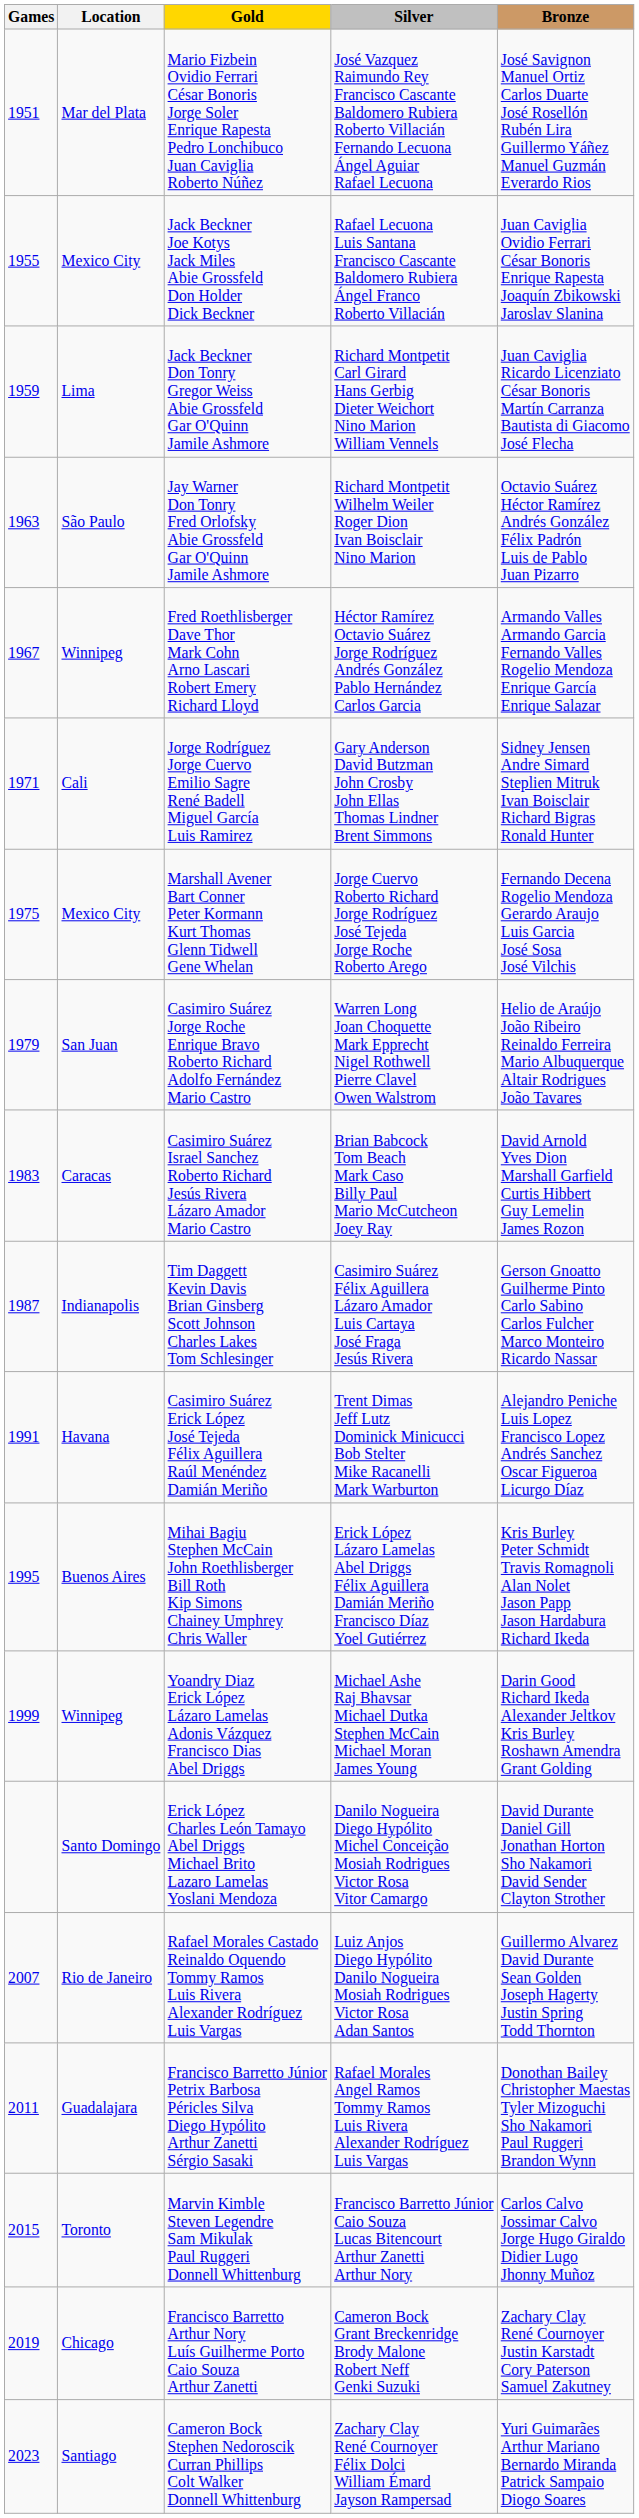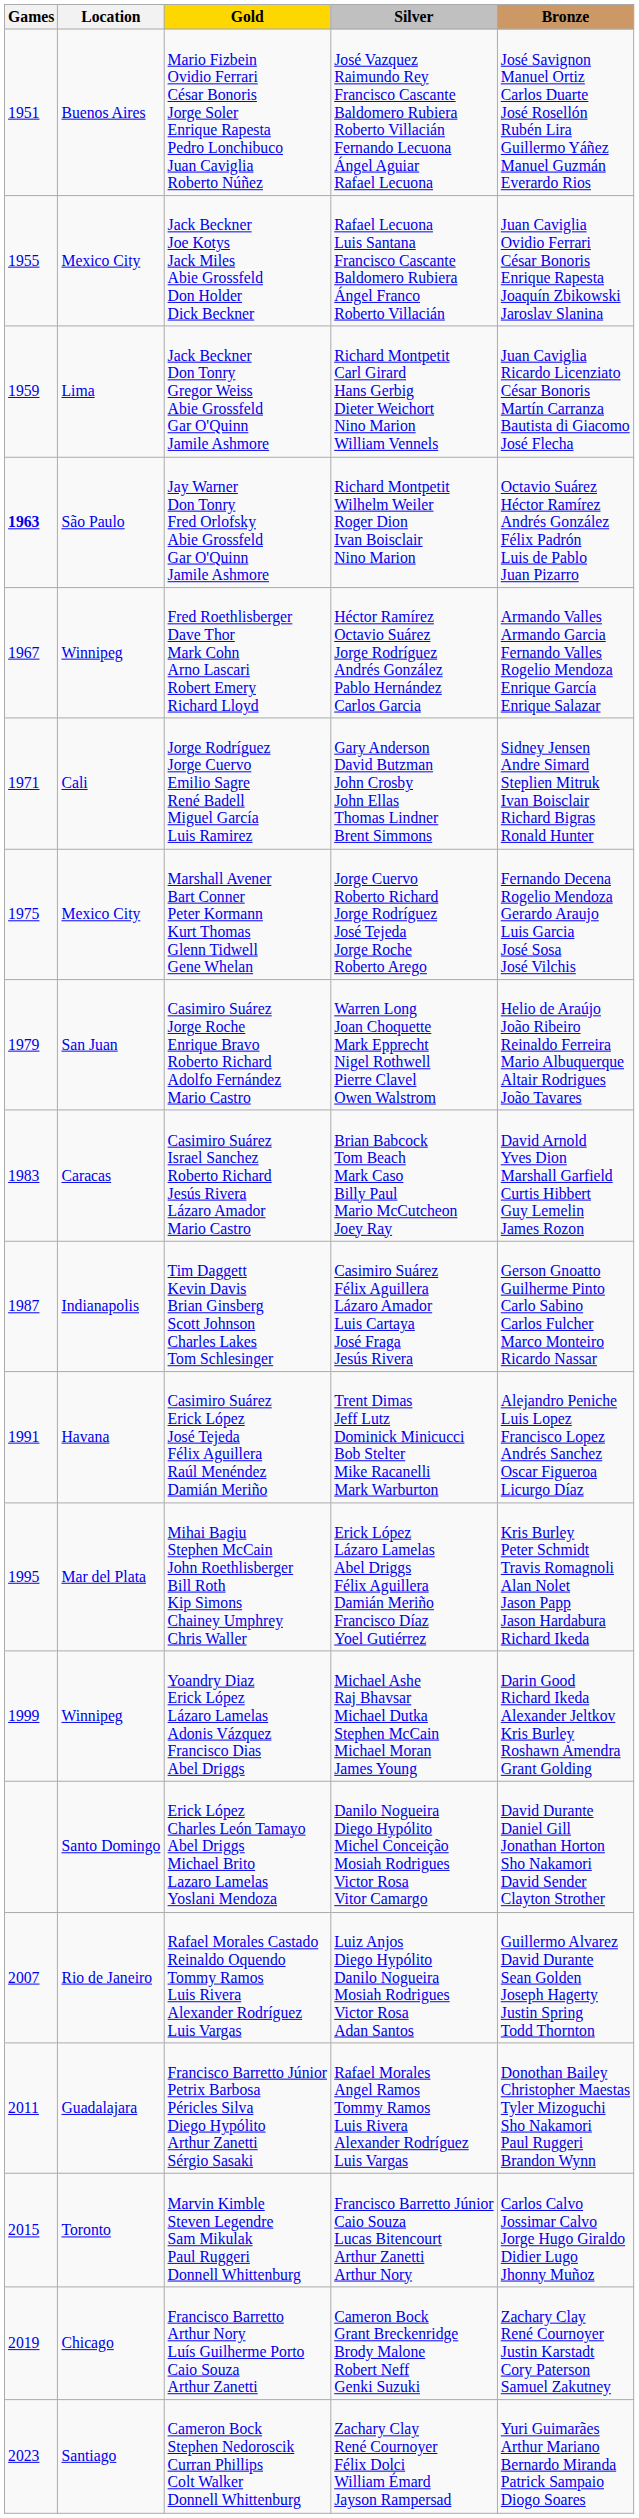 <table class="wikitable">
 <tr>
 <th>Games</th>
 <th>Location</th>
 <th style="background-color:gold;">Gold</th>
 <th style="background-color:silver;">Silver</th>
 <th style="background-color:#cc9966;">Bronze</th>
 </tr>
 <tr>
 <td><a href='#'>1951</a></td>
-<td> <a href='#'>Mar del Plata</a></td>
+<td> <a href='#'>Buenos Aires</a></td>
 <td><br><a href='#'>Mario Fizbein</a><br><a href='#'>Ovidio Ferrari</a><br><a href='#'>César Bonoris</a><br><a href='#'>Jorge Soler</a><br><a href='#'>Enrique Rapesta</a><br><a href='#'>Pedro Lonchibuco</a><br><a href='#'>Juan Caviglia</a><br><a href='#'>Roberto Núñez</a></td>
 <td><br><a href='#'>José Vazquez</a><br><a href='#'>Raimundo Rey</a><br><a href='#'>Francisco Cascante</a><br><a href='#'>Baldomero Rubiera</a><br><a href='#'>Roberto Villacián</a><br><a href='#'>Fernando Lecuona</a><br><a href='#'>Ángel Aguiar</a><br><a href='#'>Rafael Lecuona</a></td>
 <td><br><a href='#'>José Savignon</a><br><a href='#'>Manuel Ortiz</a><br><a href='#'>Carlos Duarte</a><br><a href='#'>José Rosellón</a><br><a href='#'>Rubén Lira</a><br><a href='#'>Guillermo Yáñez</a><br><a href='#'>Manuel Guzmán</a><br><a href='#'>Everardo Rios</a></td>
 </tr>
 <tr>
 <td><a href='#'>1955</a></td>
 <td> <a href='#'>Mexico City</a></td>
 <td><br><a href='#'>Jack Beckner</a><br><a href='#'>Joe Kotys</a><br><a href='#'>Jack Miles</a><br><a href='#'>Abie Grossfeld</a><br><a href='#'>Don Holder</a><br><a href='#'>Dick Beckner</a></td>
 <td><br><a href='#'>Rafael Lecuona</a><br><a href='#'>Luis Santana</a><br><a href='#'>Francisco Cascante</a><br><a href='#'>Baldomero Rubiera</a><br><a href='#'>Ángel Franco</a><br><a href='#'>Roberto Villacián</a></td>
 <td><br><a href='#'>Juan Caviglia</a><br><a href='#'>Ovidio Ferrari</a><br><a href='#'>César Bonoris</a><br><a href='#'>Enrique Rapesta</a><br><a href='#'>Joaquín Zbikowski</a><br><a href='#'>Jaroslav Slanina</a></td>
 </tr>
 <tr>
 <td><a href='#'>1959</a></td>
 <td> <a href='#'>Lima</a></td>
 <td><br><a href='#'>Jack Beckner</a><br><a href='#'>Don Tonry</a><br><a href='#'>Gregor Weiss</a><br><a href='#'>Abie Grossfeld</a><br><a href='#'>Gar O'Quinn</a><br><a href='#'>Jamile Ashmore</a></td>
 <td><br><a href='#'>Richard Montpetit</a><br><a href='#'>Carl Girard</a><br><a href='#'>Hans Gerbig</a><br><a href='#'>Dieter Weichort</a><br><a href='#'>Nino Marion</a><br><a href='#'>William Vennels</a></td>
 <td><br><a href='#'>Juan Caviglia</a><br><a href='#'>Ricardo Licenziato</a><br><a href='#'>César Bonoris</a><br><a href='#'>Martín Carranza</a><br><a href='#'>Bautista di Giacomo</a><br><a href='#'>José Flecha</a></td>
 </tr>
 <tr>
-<td><a href='#'>1963</a></td>
+<td><strong><a href='#'>1963</a></strong></td>
 <td> <a href='#'>São Paulo</a></td>
 <td><br><a href='#'>Jay Warner</a><br><a href='#'>Don Tonry</a><br><a href='#'>Fred Orlofsky</a><br><a href='#'>Abie Grossfeld</a><br><a href='#'>Gar O'Quinn</a><br><a href='#'>Jamile Ashmore</a></td>
 <td><br><a href='#'>Richard Montpetit</a><br><a href='#'>Wilhelm Weiler</a><br><a href='#'>Roger Dion</a><br><a href='#'>Ivan Boisclair</a><br><a href='#'>Nino Marion</a><br><br></td>
 <td><br><a href='#'>Octavio Suárez</a><br><a href='#'>Héctor Ramírez</a><br><a href='#'>Andrés González</a><br><a href='#'>Félix Padrón</a><br><a href='#'>Luis de Pablo</a><br><a href='#'>Juan Pizarro</a></td>
 </tr>
 <tr>
 <td><a href='#'>1967</a></td>
 <td> <a href='#'>Winnipeg</a></td>
 <td><br><a href='#'>Fred Roethlisberger</a><br><a href='#'>Dave Thor</a><br><a href='#'>Mark Cohn</a><br><a href='#'>Arno Lascari</a><br><a href='#'>Robert Emery</a><br><a href='#'>Richard Lloyd</a></td>
 <td><br><a href='#'>Héctor Ramírez</a><br><a href='#'>Octavio Suárez</a><br><a href='#'>Jorge Rodríguez</a><br><a href='#'>Andrés González</a><br><a href='#'>Pablo Hernández</a><br><a href='#'>Carlos Garcia</a></td>
 <td><br><a href='#'>Armando Valles</a><br><a href='#'>Armando Garcia</a><br><a href='#'>Fernando Valles</a><br><a href='#'>Rogelio Mendoza</a><br><a href='#'>Enrique García</a><br><a href='#'>Enrique Salazar</a></td>
 </tr>
 <tr>
 <td><a href='#'>1971</a></td>
 <td> <a href='#'>Cali</a></td>
 <td><br><a href='#'>Jorge Rodríguez</a><br><a href='#'>Jorge Cuervo</a><br><a href='#'>Emilio Sagre</a><br><a href='#'>René Badell</a><br><a href='#'>Miguel García</a><br><a href='#'>Luis Ramirez</a></td>
 <td><br><a href='#'>Gary Anderson</a><br><a href='#'>David Butzman</a><br><a href='#'>John Crosby</a><br><a href='#'>John Ellas</a><br><a href='#'>Thomas Lindner</a><br><a href='#'>Brent Simmons</a></td>
 <td><br><a href='#'>Sidney Jensen</a><br><a href='#'>Andre Simard</a><br><a href='#'>Steplien Mitruk</a><br><a href='#'>Ivan Boisclair</a><br><a href='#'>Richard Bigras</a><br><a href='#'>Ronald Hunter</a></td>
 </tr>
 <tr>
 <td><a href='#'>1975</a></td>
 <td> <a href='#'>Mexico City</a></td>
 <td><br><a href='#'>Marshall Avener</a><br><a href='#'>Bart Conner</a><br><a href='#'>Peter Kormann</a><br><a href='#'>Kurt Thomas</a><br><a href='#'>Glenn Tidwell</a><br><a href='#'>Gene Whelan</a></td>
 <td><br><a href='#'>Jorge Cuervo</a><br><a href='#'>Roberto Richard</a><br><a href='#'>Jorge Rodríguez</a><br><a href='#'>José Tejeda</a><br><a href='#'>Jorge Roche</a><br><a href='#'>Roberto Arego</a></td>
 <td><br><a href='#'>Fernando Decena</a><br><a href='#'>Rogelio Mendoza</a><br><a href='#'>Gerardo Araujo</a><br><a href='#'>Luis Garcia</a><br><a href='#'>José Sosa</a><br><a href='#'>José Vilchis</a></td>
 </tr>
 <tr>
 <td><a href='#'>1979</a></td>
 <td> <a href='#'>San Juan</a></td>
 <td><br><a href='#'>Casimiro Suárez</a><br><a href='#'>Jorge Roche</a><br><a href='#'>Enrique Bravo</a><br><a href='#'>Roberto Richard</a><br><a href='#'>Adolfo Fernández</a><br><a href='#'>Mario Castro</a></td>
 <td><br><a href='#'>Warren Long</a><br><a href='#'>Joan Choquette</a><br><a href='#'>Mark Epprecht</a><br><a href='#'>Nigel Rothwell</a><br><a href='#'>Pierre Clavel</a><br><a href='#'>Owen Walstrom</a></td>
 <td><br><a href='#'>Helio de Araújo</a><br><a href='#'>João Ribeiro</a><br><a href='#'>Reinaldo Ferreira</a><br><a href='#'>Mario Albuquerque</a><br><a href='#'>Altair Rodrigues</a><br><a href='#'>João Tavares</a></td>
 </tr>
 <tr>
 <td><a href='#'>1983</a></td>
 <td> <a href='#'>Caracas</a></td>
 <td><br><a href='#'>Casimiro Suárez</a><br><a href='#'>Israel Sanchez</a><br><a href='#'>Roberto Richard</a><br><a href='#'>Jesús Rivera</a><br><a href='#'>Lázaro Amador</a><br><a href='#'>Mario Castro</a></td>
 <td><br><a href='#'>Brian Babcock</a><br><a href='#'>Tom Beach</a><br><a href='#'>Mark Caso</a><br><a href='#'>Billy Paul</a><br><a href='#'>Mario McCutcheon</a><br><a href='#'>Joey Ray</a></td>
 <td><br><a href='#'>David Arnold</a><br><a href='#'>Yves Dion</a><br><a href='#'>Marshall Garfield</a><br><a href='#'>Curtis Hibbert</a><br><a href='#'>Guy Lemelin</a><br><a href='#'>James Rozon</a></td>
 </tr>
 <tr>
 <td><a href='#'>1987</a></td>
 <td> <a href='#'>Indianapolis</a></td>
 <td><br><a href='#'>Tim Daggett</a><br><a href='#'>Kevin Davis</a><br><a href='#'>Brian Ginsberg</a><br><a href='#'>Scott Johnson</a><br><a href='#'>Charles Lakes</a><br><a href='#'>Tom Schlesinger</a></td>
 <td><br><a href='#'>Casimiro Suárez</a><br><a href='#'>Félix Aguillera</a><br><a href='#'>Lázaro Amador</a><br><a href='#'>Luis Cartaya</a><br><a href='#'>José Fraga</a><br><a href='#'>Jesús Rivera</a></td>
 <td><br><a href='#'>Gerson Gnoatto</a><br><a href='#'>Guilherme Pinto</a><br><a href='#'>Carlo Sabino</a><br><a href='#'>Carlos Fulcher</a><br><a href='#'>Marco Monteiro</a><br><a href='#'>Ricardo Nassar</a></td>
 </tr>
 <tr>
 <td><a href='#'>1991</a></td>
 <td> <a href='#'>Havana</a></td>
 <td><br><a href='#'>Casimiro Suárez</a><br><a href='#'>Erick López</a><br><a href='#'>José Tejeda</a><br><a href='#'>Félix Aguillera</a><br><a href='#'>Raúl Menéndez</a><br><a href='#'>Damián Meriño</a></td>
 <td><br><a href='#'>Trent Dimas</a><br><a href='#'>Jeff Lutz</a><br><a href='#'>Dominick Minicucci</a><br><a href='#'>Bob Stelter</a><br><a href='#'>Mike Racanelli</a><br><a href='#'>Mark Warburton</a></td>
 <td><br><a href='#'>Alejandro Peniche</a><br><a href='#'>Luis Lopez</a><br><a href='#'>Francisco Lopez</a><br><a href='#'>Andrés Sanchez</a><br><a href='#'>Oscar Figueroa</a><br><a href='#'>Licurgo Díaz</a></td>
 </tr>
 <tr>
 <td><a href='#'>1995</a></td>
-<td> <a href='#'>Buenos Aires</a></td>
+<td> <a href='#'>Mar del Plata</a></td>
 <td><br><a href='#'>Mihai Bagiu</a><br><a href='#'>Stephen McCain</a><br><a href='#'>John Roethlisberger</a><br><a href='#'>Bill Roth</a><br><a href='#'>Kip Simons</a><br><a href='#'>Chainey Umphrey</a><br><a href='#'>Chris Waller</a></td>
 <td><br><a href='#'>Erick López</a><br><a href='#'>Lázaro Lamelas</a><br><a href='#'>Abel Driggs</a><br><a href='#'>Félix Aguillera</a><br><a href='#'>Damián Meriño</a><br><a href='#'>Francisco Díaz</a><br><a href='#'>Yoel Gutiérrez</a></td>
 <td><br><a href='#'>Kris Burley</a><br><a href='#'>Peter Schmidt</a><br><a href='#'>Travis Romagnoli</a><br><a href='#'>Alan Nolet</a><br><a href='#'>Jason Papp</a><br><a href='#'>Jason Hardabura</a><br><a href='#'>Richard Ikeda</a></td>
 </tr>
 <tr>
 <td><a href='#'>1999</a></td>
 <td> <a href='#'>Winnipeg</a></td>
 <td><br><a href='#'>Yoandry Diaz</a><br><a href='#'>Erick López</a><br><a href='#'>Lázaro Lamelas</a><br><a href='#'>Adonis Vázquez</a><br><a href='#'>Francisco Dias</a><br><a href='#'>Abel Driggs</a></td>
 <td><br><a href='#'>Michael Ashe</a><br><a href='#'>Raj Bhavsar</a><br><a href='#'>Michael Dutka</a><br><a href='#'>Stephen McCain</a><br><a href='#'>Michael Moran</a><br><a href='#'>James Young</a></td>
 <td><br><a href='#'>Darin Good</a><br><a href='#'>Richard Ikeda</a><br><a href='#'>Alexander Jeltkov</a><br><a href='#'>Kris Burley</a><br><a href='#'>Roshawn Amendra</a><br><a href='#'>Grant Golding</a></td>
 </tr>
 <tr>
 <td></td>
 <td> <a href='#'>Santo Domingo</a></td>
 <td><br><a href='#'>Erick López</a><br><a href='#'>Charles León Tamayo</a><br><a href='#'>Abel Driggs</a><br><a href='#'>Michael Brito</a><br><a href='#'>Lazaro Lamelas</a><br><a href='#'>Yoslani Mendoza</a></td>
 <td><br><a href='#'>Danilo Nogueira</a><br><a href='#'>Diego Hypólito</a><br><a href='#'>Michel Conceição</a><br><a href='#'>Mosiah Rodrigues</a><br><a href='#'>Victor Rosa</a><br><a href='#'>Vitor Camargo</a></td>
 <td><br><a href='#'>David Durante</a><br><a href='#'>Daniel Gill</a><br><a href='#'>Jonathan Horton</a><br><a href='#'>Sho Nakamori</a><br><a href='#'>David Sender</a><br><a href='#'>Clayton Strother</a></td>
 </tr>
 <tr>
 <td><a href='#'>2007</a></td>
 <td> <a href='#'>Rio de Janeiro</a></td>
 <td><br><a href='#'>Rafael Morales Castado</a><br><a href='#'>Reinaldo Oquendo</a><br><a href='#'>Tommy Ramos</a><br><a href='#'>Luis Rivera</a><br><a href='#'>Alexander Rodríguez</a><br><a href='#'>Luis Vargas</a></td>
 <td><br><a href='#'>Luiz Anjos</a><br><a href='#'>Diego Hypólito</a><br><a href='#'>Danilo Nogueira</a><br><a href='#'>Mosiah Rodrigues</a><br><a href='#'>Victor Rosa</a><br><a href='#'>Adan Santos</a></td>
 <td><br><a href='#'>Guillermo Alvarez</a><br><a href='#'>David Durante</a><br><a href='#'>Sean Golden</a><br><a href='#'>Joseph Hagerty</a><br><a href='#'>Justin Spring</a><br><a href='#'>Todd Thornton</a></td>
 </tr>
 <tr>
 <td><a href='#'>2011</a></td>
 <td> <a href='#'>Guadalajara</a></td>
 <td><br><a href='#'>Francisco Barretto Júnior</a><br><a href='#'>Petrix Barbosa</a><br><a href='#'>Péricles Silva</a><br><a href='#'>Diego Hypólito</a><br><a href='#'>Arthur Zanetti</a><br><a href='#'>Sérgio Sasaki</a></td>
 <td><br><a href='#'>Rafael Morales</a><br><a href='#'>Angel Ramos</a><br><a href='#'>Tommy Ramos</a><br><a href='#'>Luis Rivera</a><br><a href='#'>Alexander Rodríguez</a><br><a href='#'>Luis Vargas</a></td>
 <td><br><a href='#'>Donothan Bailey</a><br><a href='#'>Christopher Maestas</a><br><a href='#'>Tyler Mizoguchi</a><br><a href='#'>Sho Nakamori</a><br><a href='#'>Paul Ruggeri</a><br><a href='#'>Brandon Wynn</a></td>
 </tr>
 <tr>
 <td><a href='#'>2015</a></td>
 <td> <a href='#'>Toronto</a></td>
 <td><br><a href='#'>Marvin Kimble</a><br><a href='#'>Steven Legendre</a><br><a href='#'>Sam Mikulak</a><br><a href='#'>Paul Ruggeri</a><br><a href='#'>Donnell Whittenburg</a></td>
 <td><br><a href='#'>Francisco Barretto Júnior</a><br><a href='#'>Caio Souza</a><br><a href='#'>Lucas Bitencourt</a><br><a href='#'>Arthur Zanetti</a><br><a href='#'>Arthur Nory</a></td>
 <td><br><a href='#'>Carlos Calvo</a><br><a href='#'>Jossimar Calvo</a><br><a href='#'>Jorge Hugo Giraldo</a><br><a href='#'>Didier Lugo</a><br><a href='#'>Jhonny Muñoz</a></td>
 </tr>
 <tr>
 <td><a href='#'>2019</a></td>
 <td> <a href='#'>Chicago</a></td>
 <td><br><a href='#'>Francisco Barretto</a><br><a href='#'>Arthur Nory</a><br><a href='#'>Luís Guilherme Porto</a><br><a href='#'>Caio Souza</a><br><a href='#'>Arthur Zanetti</a></td>
 <td><br><a href='#'>Cameron Bock</a><br><a href='#'>Grant Breckenridge</a><br><a href='#'>Brody Malone</a><br><a href='#'>Robert Neff</a><br><a href='#'>Genki Suzuki</a></td>
 <td><br><a href='#'>Zachary Clay</a><br><a href='#'>René Cournoyer</a><br><a href='#'>Justin Karstadt</a><br><a href='#'>Cory Paterson</a><br><a href='#'>Samuel Zakutney</a></td>
 </tr>
 <tr>
 <td><a href='#'>2023</a></td>
 <td> <a href='#'>Santiago</a></td>
 <td><br><a href='#'>Cameron Bock</a><br><a href='#'>Stephen Nedoroscik</a><br><a href='#'>Curran Phillips</a><br><a href='#'>Colt Walker</a><br><a href='#'>Donnell Whittenburg</a></td>
 <td><br><a href='#'>Zachary Clay</a><br><a href='#'>René Cournoyer</a><br><a href='#'>Félix Dolci</a><br><a href='#'>William Émard</a><br><a href='#'>Jayson Rampersad</a></td>
 <td><br><a href='#'>Yuri Guimarães</a><br><a href='#'>Arthur Mariano</a><br><a href='#'>Bernardo Miranda</a><br><a href='#'>Patrick Sampaio</a><br><a href='#'>Diogo Soares</a></td>
 </tr>
 </table>
